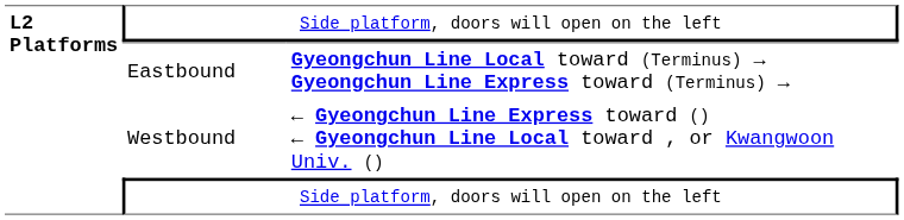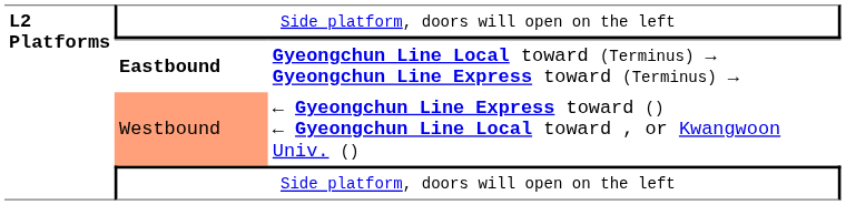 <table table border=0 cellspacing=0 cellpadding=3>
 <tr>
 <td style="border-top:solid 1px gray;border-bottom:solid 1px gray;" width=50 rowspan=10 valign=top><strong>L2<br>Platforms</strong></td>
 <td style="border-top:solid 1px gray;border-right:solid 2px black;border-left:solid 2px black;border-bottom:solid 2px black;text-align:center;" colspan=2><small><a href='#'>Side platform</a>, doors will open on the left</small></td>
 </tr>
 <tr>
-<td style="border-bottom:solid 0px gray;border-top:solid 1px gray;" width=100>Eastbound</td>
+<td style="border-bottom:solid 0px gray;border-top:solid 1px gray;" width=100><strong>Eastbound</strong></td>
 <td style="border-bottom:solid 0px gray;border-top:solid 1px gray;" width=390> <a href='#'><span><strong>Gyeongchun Line Local</strong></span></a> toward  <small>(Terminus)</small> →<br> <a href='#'><span><strong>Gyeongchun Line Express</strong></span></a> toward  <small>(Terminus)</small> →</td>
 </tr>
 <tr>
-<td>Westbound</td>
+<td style="background: lightsalmon;">Westbound</td>
 <td>← <a href='#'><span><strong>Gyeongchun Line Express</strong></span></a> toward  <small>()</small><br>← <a href='#'><span><strong>Gyeongchun Line Local</strong></span></a> toward ,  or <a href='#'>Kwangwoon Univ.</a> <small>()</small></td>
 </tr>
 <tr>
 <td style="border-top:solid 2px black;border-right:solid 2px black;border-left:solid 2px black;border-bottom:solid 1px gray;text-align:center;" colspan=2><small><a href='#'>Side platform</a>, doors will open on the left</small></td>
 </tr>
 </table>
